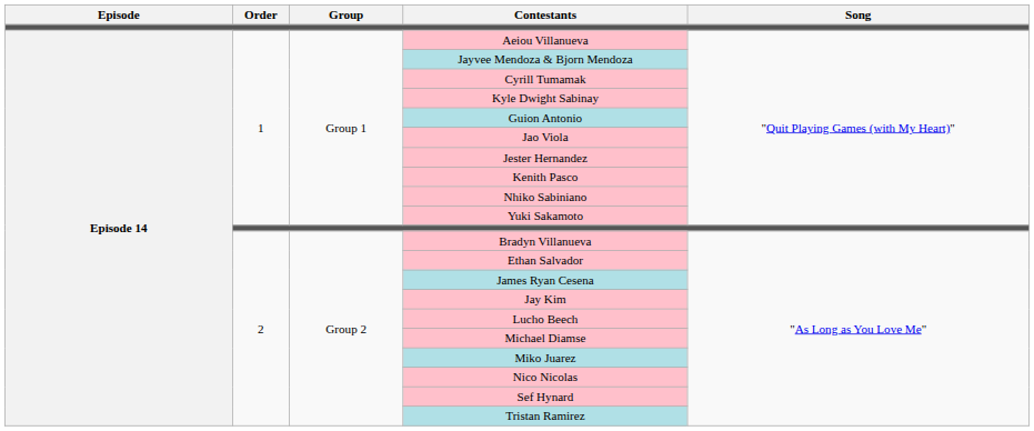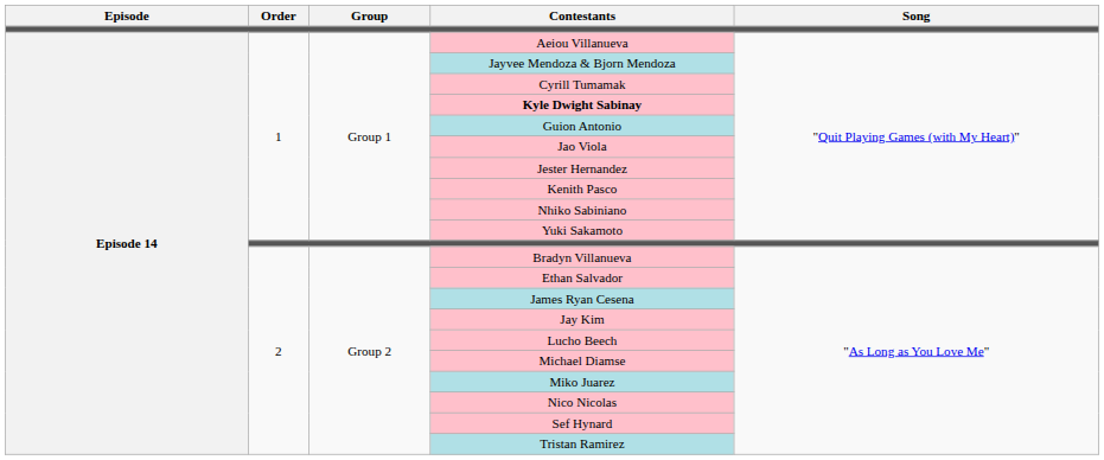 <table class="wikitable" style="text-align:center; line-height:17px; width:100%; font-size: 95%;">
 <tr>
 <th style="width:20%;">Episode</th>
 <th style="width:05%;">Order</th>
 <th style="width:10%;">Group</th>
 <th style="width:25%;">Contestants</th>
 <th style="width:30%;">Song</th>
 </tr>
 <tr>
 <td colspan="5" style="background:#555;"></td>
 </tr>
 <tr>
 <th rowspan="21">Episode 14<br><small></small></th>
 <td rowspan="10">1</td>
 <td rowspan="10">Group 1</td>
 <td style="background:pink;">Aeiou Villanueva</td>
 <td rowspan="10">"<a href='#'>Quit Playing Games (with My Heart)</a>"</td>
 </tr>
 <tr>
 <td style="background:#b0e0e6;">Jayvee Mendoza & Bjorn Mendoza</td>
 </tr>
 <tr>
 <td style="background:pink;">Cyrill Tumamak</td>
 </tr>
 <tr>
-<td style="background:pink;">Kyle Dwight Sabinay</td>
+<td style="background:pink;"><strong>Kyle Dwight Sabinay</strong></td>
 </tr>
 <tr>
 <td style="background:#b0e0e6;">Guion Antonio</td>
 </tr>
 <tr>
 <td style="background:pink;">Jao Viola</td>
 </tr>
 <tr>
 <td style="background:pink;">Jester Hernandez</td>
 </tr>
 <tr>
 <td style="background:pink;">Kenith Pasco</td>
 </tr>
 <tr>
 <td style="background:pink;">Nhiko Sabiniano</td>
 </tr>
 <tr>
 <td style="background:pink;">Yuki Sakamoto</td>
 </tr>
 <tr>
 <td colspan="4" style="background:#555;"></td>
 </tr>
 <tr>
 <td rowspan="10">2</td>
 <td rowspan="10">Group 2</td>
 <td style="background:pink;">Bradyn Villanueva</td>
 <td rowspan="10">"<a href='#'>As Long as You Love Me</a>"</td>
 </tr>
 <tr>
 <td style="background:pink;">Ethan Salvador</td>
 </tr>
 <tr>
 <td style="background:#b0e0e6;">James Ryan Cesena</td>
 </tr>
 <tr>
 <td style="background:pink;">Jay Kim</td>
 </tr>
 <tr>
 <td style="background:pink;">Lucho Beech</td>
 </tr>
 <tr>
 <td style="background:pink;">Michael Diamse</td>
 </tr>
 <tr>
 <td style="background:#b0e0e6;">Miko Juarez</td>
 </tr>
 <tr>
 <td style="background:pink;">Nico Nicolas</td>
 </tr>
 <tr>
 <td style="background:pink;">Sef Hynard</td>
 </tr>
 <tr>
 <td style="background:#b0e0e6;">Tristan Ramirez</td>
 </tr>
 </table>
